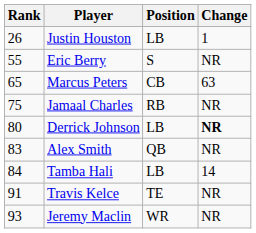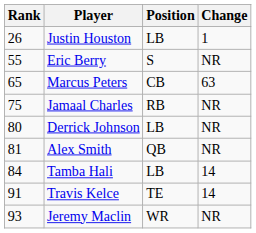 <table class="wikitable">
 <tr>
 <th>Rank</th>
 <th>Player</th>
 <th>Position</th>
 <th>Change</th>
 </tr>
 <tr>
 <td>26</td>
 <td><a href='#'>Justin Houston</a></td>
 <td>LB</td>
 <td> 1</td>
 </tr>
 <tr>
 <td>55</td>
 <td><a href='#'>Eric Berry</a></td>
 <td>S</td>
 <td>NR</td>
 </tr>
 <tr>
 <td>65</td>
 <td><a href='#'>Marcus Peters</a></td>
 <td>CB</td>
 <td> 63</td>
 </tr>
 <tr>
 <td>75</td>
 <td><a href='#'>Jamaal Charles</a></td>
 <td>RB</td>
 <td>NR</td>
 </tr>
 <tr>
 <td>80</td>
 <td><a href='#'>Derrick Johnson</a></td>
 <td>LB</td>
-<td><strong>NR</strong></td>
+<td>NR</td>
 </tr>
 <tr>
-<td>83</td>
+<td>81</td>
 <td><a href='#'>Alex Smith</a></td>
 <td>QB</td>
 <td>NR</td>
 </tr>
 <tr>
 <td>84</td>
 <td><a href='#'>Tamba Hali</a></td>
 <td>LB</td>
 <td> 14</td>
 </tr>
 <tr>
 <td>91</td>
 <td><a href='#'>Travis Kelce</a></td>
 <td>TE</td>
-<td>NR</td>
+<td> 14</td>
 </tr>
 <tr>
 <td>93</td>
 <td><a href='#'>Jeremy Maclin</a></td>
 <td>WR</td>
 <td>NR</td>
 </tr>
 </table>
